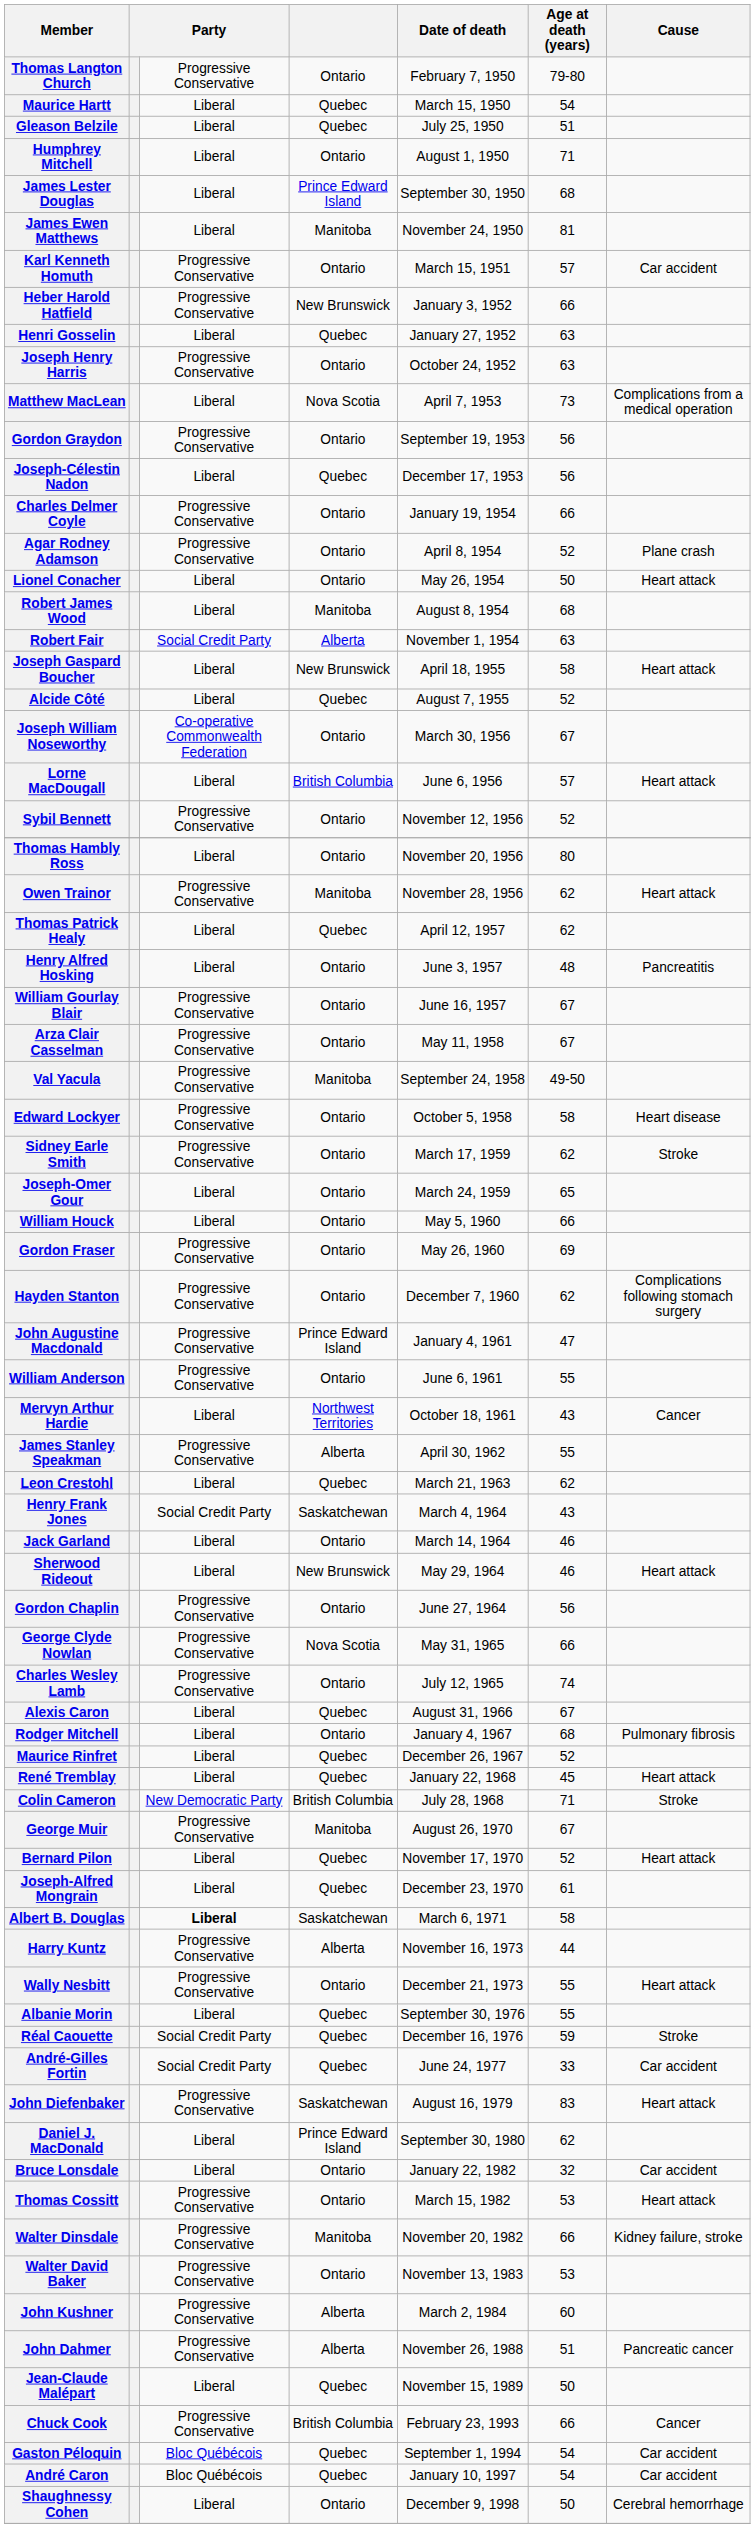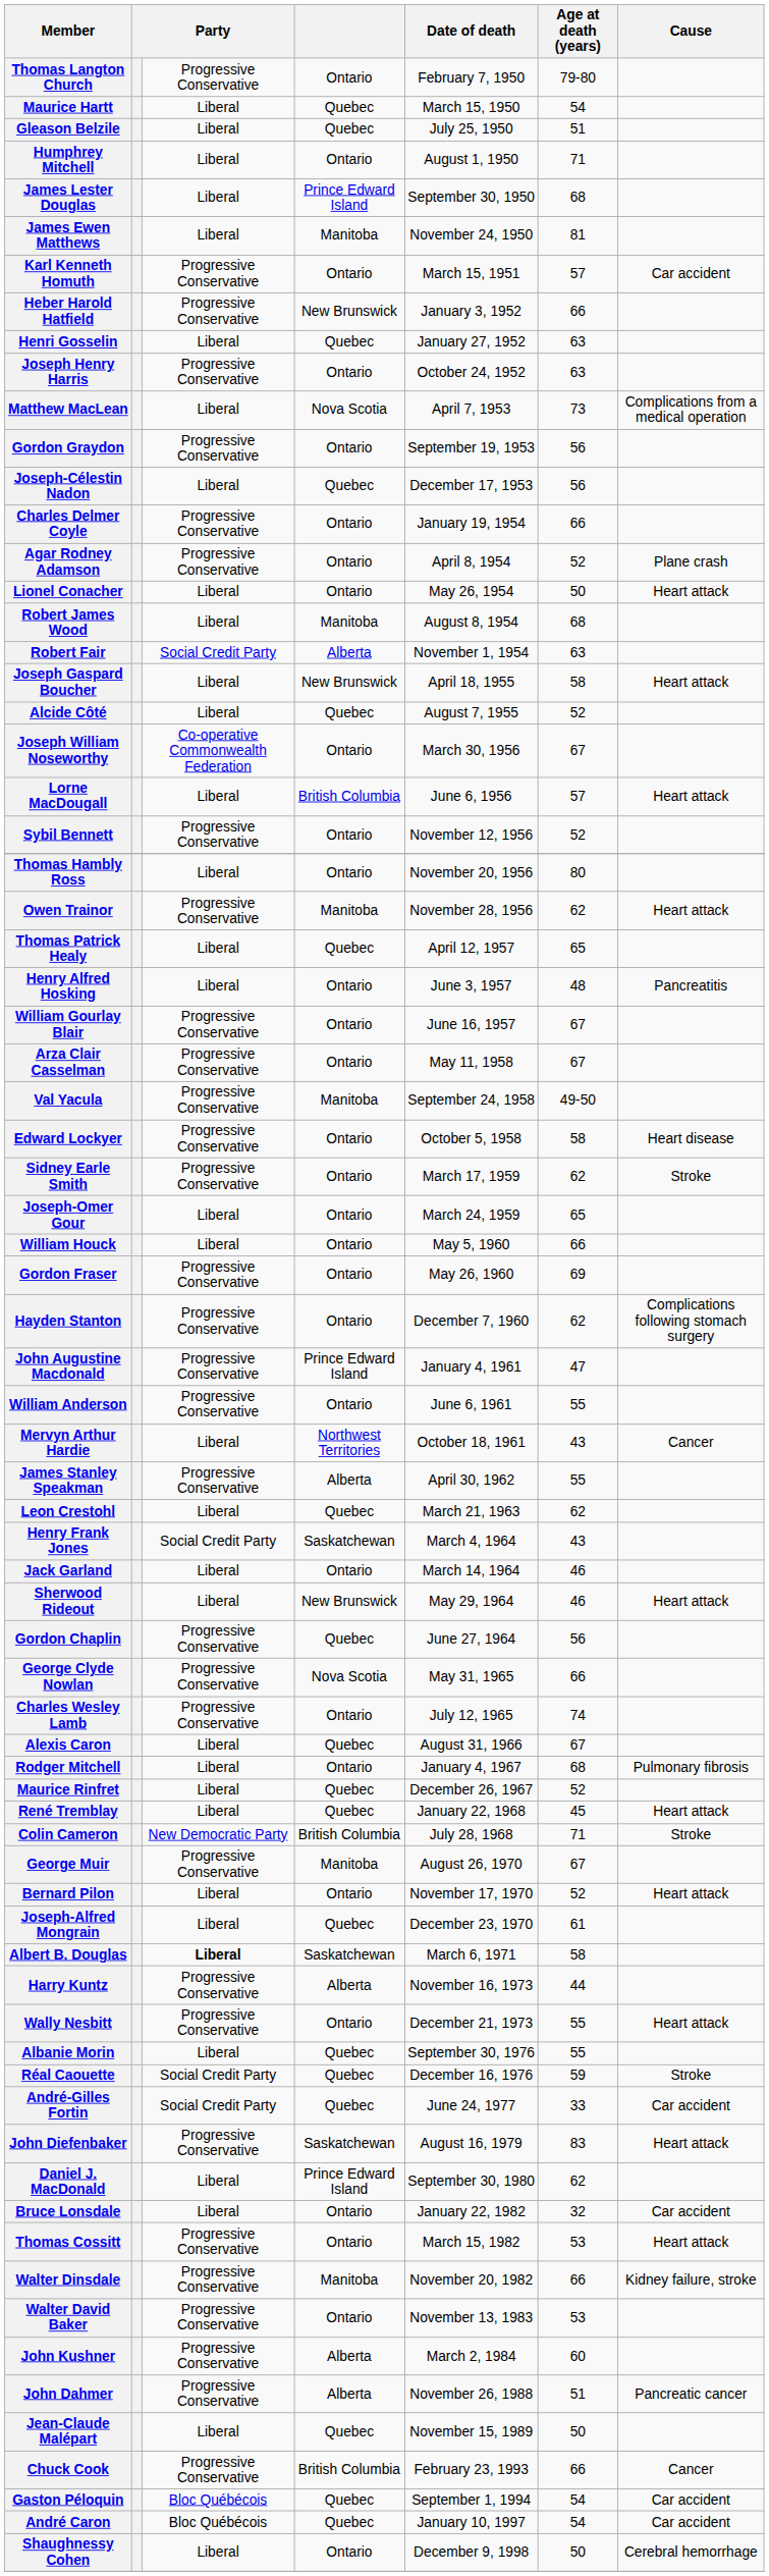 <table class="wikitable sortable" style="text-align:center">
 <tr>
 <th>Member</th>
 <th colspan=2>Party</th>
 <th></th>
 <th>Date of death</th>
 <th>Age at death (years)</th>
 <th>Cause</th>
 </tr>
 <tr>
 <th><a href='#'>Thomas Langton Church</a></th>
 <th style="background:"> </th>
 <td>Progressive Conservative</td>
 <td>Ontario<br></td>
 <td nowrap>February 7, 1950</td>
 <td nowrap>79-80</td>
 <td></td>
 </tr>
 <tr>
 <th><a href='#'>Maurice Hartt</a></th>
 <th style="background:"> </th>
 <td>Liberal</td>
 <td>Quebec<br></td>
 <td nowrap>March 15, 1950</td>
 <td nowrap>54</td>
 <td></td>
 </tr>
 <tr>
 <th><a href='#'>Gleason Belzile</a></th>
 <th style="background:"> </th>
 <td>Liberal</td>
 <td>Quebec<br></td>
 <td nowrap>July 25, 1950</td>
 <td nowrap>51</td>
 <td></td>
 </tr>
 <tr>
 <th><a href='#'>Humphrey Mitchell</a></th>
 <th style="background:"> </th>
 <td>Liberal</td>
 <td>Ontario<br></td>
 <td nowrap>August 1, 1950</td>
 <td nowrap>71</td>
 <td></td>
 </tr>
 <tr>
 <th><a href='#'>James Lester Douglas</a></th>
 <th style="background:"> </th>
 <td>Liberal</td>
 <td><a href='#'>Prince Edward Island</a><br></td>
 <td nowrap>September 30, 1950</td>
 <td nowrap>68</td>
 <td></td>
 </tr>
 <tr>
 <th><a href='#'>James Ewen Matthews</a></th>
 <th style="background:"> </th>
 <td>Liberal</td>
 <td>Manitoba <br></td>
 <td nowrap>November 24, 1950</td>
 <td nowrap>81</td>
 <td></td>
 </tr>
 <tr>
 <th><a href='#'>Karl Kenneth Homuth</a></th>
 <th style="background:"> </th>
 <td>Progressive Conservative</td>
 <td>Ontario <br></td>
 <td nowrap>March 15, 1951</td>
 <td nowrap>57</td>
 <td>Car accident</td>
 </tr>
 <tr>
 <th><a href='#'>Heber Harold Hatfield</a></th>
 <th style="background:"> </th>
 <td>Progressive Conservative</td>
 <td>New Brunswick<br></td>
 <td nowrap>January 3, 1952</td>
 <td nowrap>66</td>
 <td></td>
 </tr>
 <tr>
 <th><a href='#'>Henri Gosselin</a></th>
 <th style="background:"> </th>
 <td>Liberal</td>
 <td>Quebec<br></td>
 <td nowrap>January 27, 1952</td>
 <td nowrap>63</td>
 <td></td>
 </tr>
 <tr>
 <th><a href='#'>Joseph Henry Harris</a></th>
 <th style="background:"> </th>
 <td>Progressive Conservative</td>
 <td>Ontario <br></td>
 <td nowrap>October 24, 1952</td>
 <td nowrap>63</td>
 <td></td>
 </tr>
 <tr>
 <th><a href='#'>Matthew MacLean</a></th>
 <th style="background:"> </th>
 <td>Liberal</td>
 <td>Nova Scotia<br></td>
 <td nowrap>April 7, 1953</td>
 <td nowrap>73</td>
 <td>Complications from a medical operation</td>
 </tr>
 <tr>
 <th><a href='#'>Gordon Graydon</a></th>
 <th style="background:"> </th>
 <td>Progressive Conservative</td>
 <td>Ontario <br></td>
 <td nowrap>September 19, 1953</td>
 <td nowrap>56</td>
 <td></td>
 </tr>
 <tr>
 <th><a href='#'>Joseph-Célestin Nadon</a></th>
 <th style="background:"> </th>
 <td>Liberal</td>
 <td>Quebec<br></td>
 <td nowrap>December 17, 1953</td>
 <td nowrap>56</td>
 <td></td>
 </tr>
 <tr>
 <th><a href='#'>Charles Delmer Coyle</a></th>
 <th style="background:"> </th>
 <td>Progressive Conservative</td>
 <td>Ontario <br></td>
 <td nowrap>January 19, 1954</td>
 <td nowrap>66</td>
 <td></td>
 </tr>
 <tr>
 <th><a href='#'>Agar Rodney Adamson</a></th>
 <th style="background:"> </th>
 <td>Progressive Conservative</td>
 <td>Ontario <br></td>
 <td nowrap>April 8, 1954</td>
 <td nowrap>52</td>
 <td>Plane crash</td>
 </tr>
 <tr>
 <th><a href='#'>Lionel Conacher</a></th>
 <th style="background:"> </th>
 <td>Liberal</td>
 <td>Ontario<br></td>
 <td nowrap>May 26, 1954</td>
 <td nowrap>50</td>
 <td>Heart attack</td>
 </tr>
 <tr>
 <th><a href='#'>Robert James Wood</a></th>
 <th style="background:"> </th>
 <td>Liberal</td>
 <td>Manitoba<br></td>
 <td nowrap>August 8, 1954</td>
 <td nowrap>68</td>
 <td></td>
 </tr>
 <tr>
 <th><a href='#'>Robert Fair</a></th>
 <th style="background:"> </th>
 <td><a href='#'>Social Credit Party</a></td>
 <td><a href='#'>Alberta</a><br></td>
 <td nowrap>November 1, 1954</td>
 <td nowrap>63</td>
 <td></td>
 </tr>
 <tr>
 <th><a href='#'>Joseph Gaspard Boucher</a></th>
 <th style="background:"> </th>
 <td>Liberal</td>
 <td>New Brunswick<br></td>
 <td nowrap>April 18, 1955</td>
 <td nowrap>58</td>
 <td>Heart attack</td>
 </tr>
 <tr>
 <th><a href='#'>Alcide Côté</a></th>
 <th style="background:"> </th>
 <td>Liberal</td>
 <td>Quebec<br></td>
 <td nowrap>August 7, 1955</td>
 <td nowrap>52</td>
 <td></td>
 </tr>
 <tr>
 <th><a href='#'>Joseph William Noseworthy</a></th>
 <th style="background:"> </th>
 <td><a href='#'>Co-operative Commonwealth Federation</a></td>
 <td>Ontario<br></td>
 <td nowrap>March 30, 1956</td>
 <td nowrap>67</td>
 <td></td>
 </tr>
 <tr>
 <th><a href='#'>Lorne MacDougall</a></th>
 <th style="background:"> </th>
 <td>Liberal</td>
 <td><a href='#'>British Columbia</a><br></td>
 <td nowrap>June 6, 1956</td>
 <td nowrap>57</td>
 <td>Heart attack</td>
 </tr>
 <tr>
 <th><a href='#'>Sybil Bennett</a></th>
 <th style="background:"> </th>
 <td>Progressive Conservative</td>
 <td>Ontario<br></td>
 <td nowrap>November 12, 1956</td>
 <td nowrap>52</td>
 <td></td>
 </tr>
 <tr>
 </tr>
 <tr>
 <th><a href='#'>Thomas Hambly Ross</a></th>
 <th style="background:"> </th>
 <td>Liberal</td>
 <td>Ontario<br></td>
 <td nowrap>November 20, 1956</td>
 <td nowrap>80</td>
 <td></td>
 </tr>
 <tr>
 <th><a href='#'>Owen Trainor</a></th>
 <th style="background:"> </th>
 <td>Progressive Conservative</td>
 <td>Manitoba<br></td>
 <td nowrap>November 28, 1956</td>
 <td nowrap>62</td>
 <td>Heart attack</td>
 </tr>
 <tr>
 <th><a href='#'>Thomas Patrick Healy</a></th>
 <th style="background:"> </th>
 <td>Liberal</td>
 <td>Quebec<br></td>
 <td nowrap>April 12, 1957</td>
-<td nowrap>62</td>
+<td nowrap>65</td>
 <td></td>
 </tr>
 <tr>
 <th><a href='#'>Henry Alfred Hosking</a></th>
 <th style="background:"> </th>
 <td>Liberal</td>
 <td>Ontario<br></td>
 <td nowrap>June 3, 1957</td>
 <td nowrap>48</td>
 <td>Pancreatitis</td>
 </tr>
 <tr>
 <th><a href='#'>William Gourlay Blair</a></th>
 <th style="background:"> </th>
 <td>Progressive Conservative</td>
 <td>Ontario<br></td>
 <td nowrap>June 16, 1957</td>
 <td nowrap>67</td>
 <td></td>
 </tr>
 <tr>
 <th><a href='#'>Arza Clair Casselman</a></th>
 <th style="background:"> </th>
 <td>Progressive Conservative</td>
 <td>Ontario<br></td>
 <td nowrap>May 11, 1958</td>
 <td nowrap>67</td>
 <td></td>
 </tr>
 <tr>
 <th><a href='#'>Val Yacula</a></th>
 <th style="background:"> </th>
 <td>Progressive Conservative</td>
 <td>Manitoba<br></td>
 <td nowrap>September 24, 1958</td>
 <td nowrap>49-50</td>
 <td></td>
 </tr>
 <tr>
 <th><a href='#'>Edward Lockyer</a></th>
 <th style="background:"> </th>
 <td>Progressive Conservative</td>
 <td>Ontario<br></td>
 <td nowrap>October 5, 1958</td>
 <td nowrap>58</td>
 <td>Heart disease</td>
 </tr>
 <tr>
 <th><a href='#'>Sidney Earle Smith</a></th>
 <th style="background:"> </th>
 <td>Progressive Conservative</td>
 <td>Ontario<br></td>
 <td nowrap>March 17, 1959</td>
 <td nowrap>62</td>
 <td>Stroke</td>
 </tr>
 <tr>
 <th><a href='#'>Joseph-Omer Gour</a></th>
 <th style="background:"> </th>
 <td>Liberal</td>
 <td>Ontario<br></td>
 <td nowrap>March 24, 1959</td>
 <td nowrap>65</td>
 <td></td>
 </tr>
 <tr>
 <th><a href='#'>William Houck</a></th>
 <th style="background:"> </th>
 <td>Liberal</td>
 <td>Ontario<br></td>
 <td nowrap>May 5, 1960</td>
 <td nowrap>66</td>
 <td></td>
 </tr>
 <tr>
 <th><a href='#'>Gordon Fraser</a></th>
 <th style="background:"> </th>
 <td>Progressive Conservative</td>
 <td>Ontario<br></td>
 <td nowrap>May 26, 1960</td>
 <td nowrap>69</td>
 <td></td>
 </tr>
 <tr>
 <th><a href='#'>Hayden Stanton</a></th>
 <th style="background:"> </th>
 <td>Progressive Conservative</td>
 <td>Ontario<br></td>
 <td nowrap>December 7, 1960</td>
 <td nowrap>62</td>
 <td>Complications following stomach surgery</td>
 </tr>
 <tr>
 <th><a href='#'>John Augustine Macdonald</a></th>
 <th style="background:"> </th>
 <td>Progressive Conservative</td>
 <td>Prince Edward Island<br></td>
 <td nowrap>January 4, 1961</td>
 <td nowrap>47</td>
 <td></td>
 </tr>
 <tr>
 <th><a href='#'>William Anderson</a></th>
 <th style="background:"> </th>
 <td>Progressive Conservative</td>
 <td>Ontario<br></td>
 <td nowrap>June 6, 1961</td>
 <td nowrap>55</td>
 <td></td>
 </tr>
 <tr>
 <th><a href='#'>Mervyn Arthur Hardie</a></th>
 <th style="background:"> </th>
 <td>Liberal</td>
 <td><a href='#'>Northwest Territories</a><br></td>
 <td nowrap>October 18, 1961</td>
 <td nowrap>43</td>
 <td>Cancer</td>
 </tr>
 <tr>
 <th><a href='#'>James Stanley Speakman</a></th>
 <th style="background:"> </th>
 <td>Progressive Conservative</td>
 <td>Alberta<br></td>
 <td nowrap>April 30, 1962</td>
 <td nowrap>55</td>
 <td></td>
 </tr>
 <tr>
 <th><a href='#'>Leon Crestohl</a></th>
 <th style="background:"> </th>
 <td>Liberal</td>
 <td>Quebec<br></td>
 <td nowrap>March 21, 1963</td>
 <td nowrap>62</td>
 <td></td>
 </tr>
 <tr>
 <th><a href='#'>Henry Frank Jones</a></th>
 <th style="background:"> </th>
 <td>Social Credit Party</td>
 <td>Saskatchewan<br></td>
 <td nowrap>March 4, 1964</td>
 <td nowrap>43</td>
 <td></td>
 </tr>
 <tr>
 <th><a href='#'>Jack Garland</a></th>
 <th style="background:"> </th>
 <td>Liberal</td>
 <td>Ontario<br></td>
 <td nowrap>March 14, 1964</td>
 <td nowrap>46</td>
 <td></td>
 </tr>
 <tr>
 <th><a href='#'>Sherwood Rideout</a></th>
 <th style="background:"> </th>
 <td>Liberal</td>
 <td>New Brunswick<br></td>
 <td nowrap>May 29, 1964</td>
 <td nowrap>46</td>
 <td>Heart attack</td>
 </tr>
 <tr>
 <th><a href='#'>Gordon Chaplin</a></th>
 <th style="background:"> </th>
 <td>Progressive Conservative</td>
-<td>Ontario<br></td>
+<td>Quebec<br></td>
 <td nowrap>June 27, 1964</td>
 <td nowrap>56</td>
 <td></td>
 </tr>
 <tr>
 <th><a href='#'>George Clyde Nowlan</a></th>
 <th style="background:"> </th>
 <td>Progressive Conservative</td>
 <td>Nova Scotia<br></td>
 <td nowrap>May 31, 1965</td>
 <td nowrap>66</td>
 <td></td>
 </tr>
 <tr>
 <th><a href='#'>Charles Wesley Lamb</a></th>
 <th style="background:"> </th>
 <td>Progressive Conservative</td>
 <td>Ontario<br></td>
 <td nowrap>July 12, 1965</td>
 <td nowrap>74</td>
 <td></td>
 </tr>
 <tr>
 <th><a href='#'>Alexis Caron</a></th>
 <th style="background:"> </th>
 <td>Liberal</td>
 <td>Quebec<br></td>
 <td nowrap>August 31, 1966</td>
 <td nowrap>67</td>
 <td></td>
 </tr>
 <tr>
 <th><a href='#'>Rodger Mitchell</a></th>
 <th style="background:"> </th>
 <td>Liberal</td>
 <td>Ontario<br></td>
 <td nowrap>January 4, 1967</td>
 <td nowrap>68</td>
 <td>Pulmonary fibrosis</td>
 </tr>
 <tr>
 <th><a href='#'>Maurice Rinfret</a></th>
 <th style="background:"> </th>
 <td>Liberal</td>
 <td>Quebec<br></td>
 <td nowrap>December 26, 1967</td>
 <td nowrap>52</td>
 <td></td>
 </tr>
 <tr>
 <th><a href='#'>René Tremblay</a></th>
 <th style="background:"> </th>
 <td>Liberal</td>
 <td>Quebec<br></td>
 <td nowrap>January 22, 1968</td>
 <td nowrap>45</td>
 <td>Heart attack</td>
 </tr>
 <tr>
 <th><a href='#'>Colin Cameron</a></th>
 <th style="background:"> </th>
 <td><a href='#'>New Democratic Party</a></td>
 <td>British Columbia<br></td>
 <td nowrap>July 28, 1968</td>
 <td nowrap>71</td>
 <td>Stroke</td>
 </tr>
 <tr>
 <th><a href='#'>George Muir</a></th>
 <th style="background:"> </th>
 <td>Progressive Conservative</td>
 <td>Manitoba<br></td>
 <td nowrap>August 26, 1970</td>
 <td nowrap>67</td>
 <td></td>
 </tr>
 <tr>
 <th><a href='#'>Bernard Pilon</a></th>
 <th style="background:"> </th>
 <td>Liberal</td>
-<td>Quebec<br></td>
+<td>Ontario<br></td>
 <td nowrap>November 17, 1970</td>
 <td nowrap>52</td>
 <td>Heart attack</td>
 </tr>
 <tr>
 <th><a href='#'>Joseph-Alfred Mongrain</a></th>
 <th style="background:"> </th>
 <td>Liberal</td>
 <td>Quebec<br></td>
 <td nowrap>December 23, 1970</td>
 <td nowrap>61</td>
 <td></td>
 </tr>
 <tr>
 <th><a href='#'>Albert B. Douglas</a></th>
 <th style="background:"> </th>
 <td><strong>Liberal</strong></td>
 <td>Saskatchewan<br></td>
 <td nowrap>March 6, 1971</td>
 <td nowrap>58</td>
 <td></td>
 </tr>
 <tr>
 <th><a href='#'>Harry Kuntz</a></th>
 <th style="background:"> </th>
 <td>Progressive Conservative</td>
 <td>Alberta<br></td>
 <td nowrap>November 16, 1973</td>
 <td nowrap>44</td>
 <td></td>
 </tr>
 <tr>
 <th><a href='#'>Wally Nesbitt</a></th>
 <th style="background:"> </th>
 <td>Progressive Conservative</td>
 <td>Ontario<br></td>
 <td nowrap>December 21, 1973</td>
 <td nowrap>55</td>
 <td>Heart attack</td>
 </tr>
 <tr>
 <th><a href='#'>Albanie Morin</a></th>
 <th style="background:"> </th>
 <td>Liberal</td>
 <td>Quebec<br></td>
 <td nowrap>September 30, 1976</td>
 <td nowrap>55</td>
 <td></td>
 </tr>
 <tr>
 <th><a href='#'>Réal Caouette</a></th>
 <th style="background:"> </th>
 <td>Social Credit Party</td>
 <td>Quebec<br></td>
 <td nowrap>December 16, 1976</td>
 <td nowrap>59</td>
 <td>Stroke</td>
 </tr>
 <tr>
 <th><a href='#'>André-Gilles Fortin</a></th>
 <th style="background:"> </th>
 <td>Social Credit Party</td>
 <td>Quebec<br></td>
 <td nowrap>June 24, 1977</td>
 <td nowrap>33</td>
 <td>Car accident</td>
 </tr>
 <tr>
 <th><a href='#'>John Diefenbaker</a></th>
 <th style="background:"> </th>
 <td>Progressive Conservative</td>
 <td>Saskatchewan<br></td>
 <td nowrap>August 16, 1979</td>
 <td nowrap>83</td>
 <td>Heart attack</td>
 </tr>
 <tr>
 <th><a href='#'>Daniel J. MacDonald</a></th>
 <th style="background:"> </th>
 <td>Liberal</td>
 <td>Prince Edward Island<br></td>
 <td nowrap>September 30, 1980</td>
 <td nowrap>62</td>
 <td></td>
 </tr>
 <tr>
 <th><a href='#'>Bruce Lonsdale</a></th>
 <th style="background:"> </th>
 <td>Liberal</td>
 <td>Ontario<br></td>
 <td nowrap>January 22, 1982</td>
 <td nowrap>32</td>
 <td>Car accident</td>
 </tr>
 <tr>
 <th><a href='#'>Thomas Cossitt</a></th>
 <th style="background:"> </th>
 <td>Progressive Conservative</td>
 <td>Ontario<br></td>
 <td nowrap>March 15, 1982</td>
 <td nowrap>53</td>
 <td>Heart attack</td>
 </tr>
 <tr>
 <th><a href='#'>Walter Dinsdale</a></th>
 <th style="background:"> </th>
 <td>Progressive Conservative</td>
 <td>Manitoba<br></td>
 <td nowrap>November 20, 1982</td>
 <td nowrap>66</td>
 <td>Kidney failure, stroke</td>
 </tr>
 <tr>
 <th><a href='#'>Walter David Baker</a></th>
 <th style="background:"> </th>
 <td>Progressive Conservative</td>
 <td>Ontario<br></td>
 <td nowrap>November 13, 1983</td>
 <td nowrap>53</td>
 <td></td>
 </tr>
 <tr>
 <th><a href='#'>John Kushner</a></th>
 <th style="background:"> </th>
 <td>Progressive Conservative</td>
 <td>Alberta<br></td>
 <td nowrap>March 2, 1984</td>
 <td nowrap>60</td>
 <td></td>
 </tr>
 <tr>
 <th><a href='#'>John Dahmer</a></th>
 <th style="background:"> </th>
 <td>Progressive Conservative</td>
 <td>Alberta<br></td>
 <td nowrap>November 26, 1988</td>
 <td nowrap>51</td>
 <td>Pancreatic cancer</td>
 </tr>
 <tr>
 <th><a href='#'>Jean-Claude Malépart</a></th>
 <th style="background:"> </th>
 <td>Liberal</td>
 <td>Quebec<br></td>
 <td nowrap>November 15, 1989</td>
 <td nowrap>50</td>
 <td></td>
 </tr>
 <tr>
 <th><a href='#'>Chuck Cook</a></th>
 <th style="background:"> </th>
 <td>Progressive Conservative</td>
 <td>British Columbia<br></td>
 <td nowrap>February 23, 1993</td>
 <td nowrap>66</td>
 <td>Cancer</td>
 </tr>
 <tr>
 <th><a href='#'>Gaston Péloquin</a></th>
 <th style="background:"> </th>
 <td><a href='#'>Bloc Québécois</a></td>
 <td>Quebec<br></td>
 <td nowrap>September 1, 1994</td>
 <td nowrap>54</td>
 <td>Car accident</td>
 </tr>
 <tr>
 <th><a href='#'>André Caron</a></th>
 <th style="background:"> </th>
 <td>Bloc Québécois</td>
 <td>Quebec<br></td>
 <td nowrap>January 10, 1997</td>
 <td nowrap>54</td>
 <td>Car accident</td>
 </tr>
 <tr>
 <th><a href='#'>Shaughnessy Cohen</a></th>
 <th style="background:"> </th>
 <td>Liberal</td>
 <td>Ontario<br></td>
 <td nowrap>December 9, 1998</td>
 <td nowrap>50</td>
 <td>Cerebral hemorrhage</td>
 </tr>
 <tr>
 </tr>
 </table>
